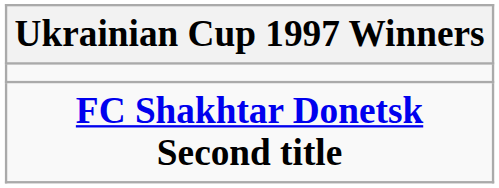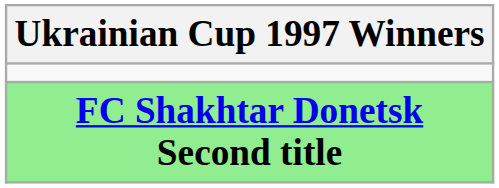 <table class="wikitable" style="text-align: center; margin: 0 auto;">
 <tr>
 <th>Ukrainian Cup 1997 Winners</th>
 </tr>
 <tr>
 <td></td>
 </tr>
 <tr>
-<td><strong><a href='#'>FC Shakhtar Donetsk</a></strong><br><strong>Second title</strong></td>
+<td style="background: lightgreen;"><strong><a href='#'>FC Shakhtar Donetsk</a></strong><br><strong>Second title</strong></td>
 </tr>
 </table>
